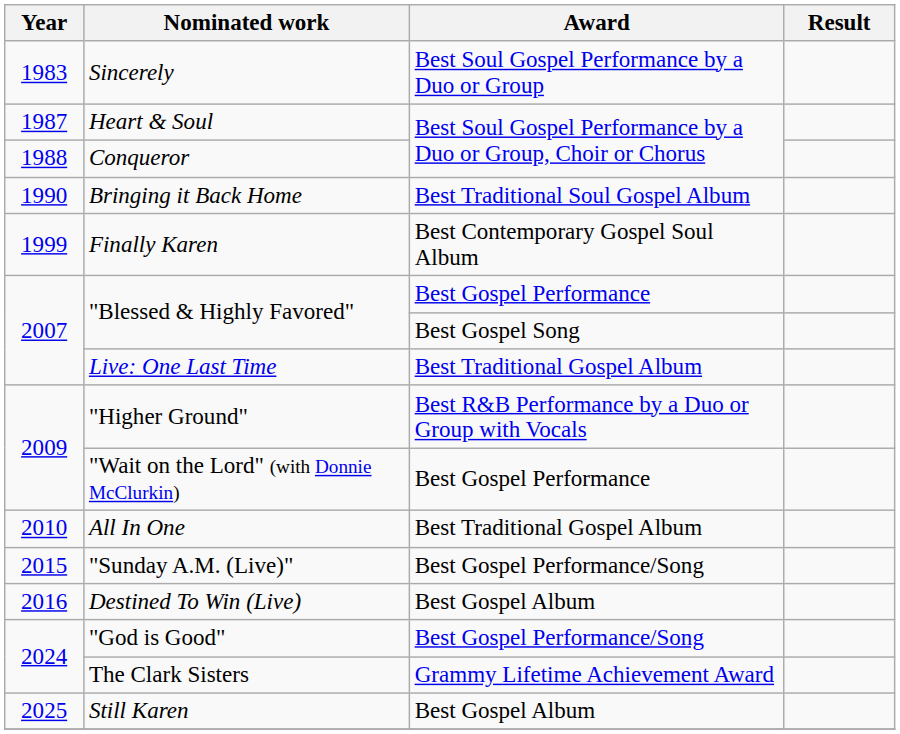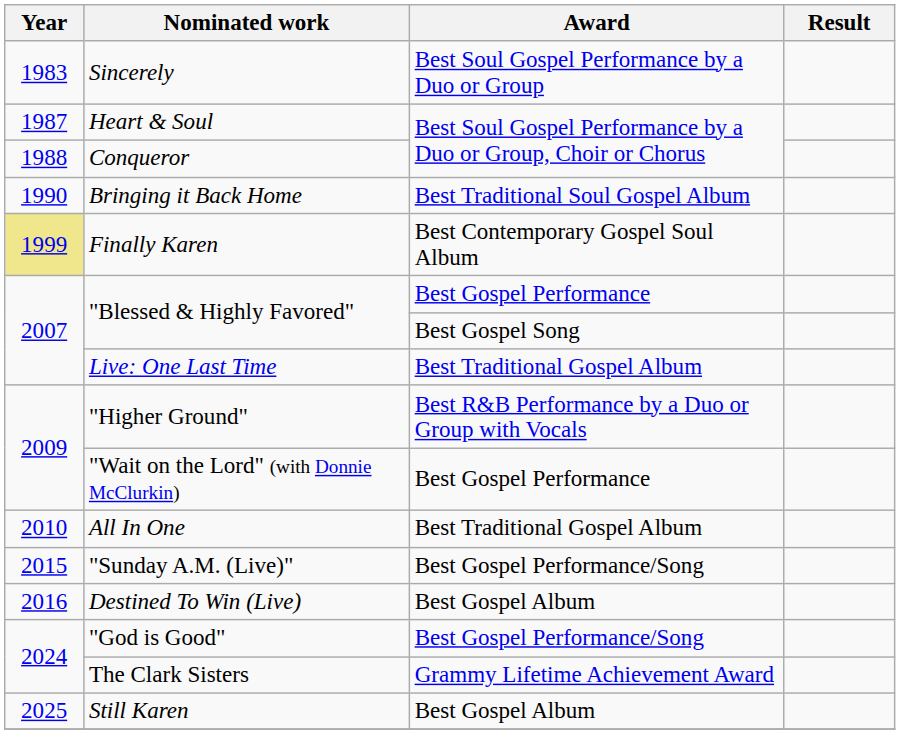 <table class="wikitable" style="width:70%;">
 <tr>
 <th style="width:3%;">Year</th>
 <th style="width:20%;">Nominated work</th>
 <th style="width:23%;">Award</th>
 <th style="width:5%;">Result</th>
 </tr>
 <tr>
 <td align="center"><a href='#'>1983</a></td>
 <td><em>Sincerely</em></td>
 <td><a href='#'>Best Soul Gospel Performance by a Duo or Group</a></td>
 <td></td>
 </tr>
 <tr>
 <td align="center"><a href='#'>1987</a></td>
 <td><em>Heart & Soul</em></td>
 <td rowspan="2"><a href='#'>Best Soul Gospel Performance by a Duo or Group, Choir or Chorus</a></td>
 <td></td>
 </tr>
 <tr>
 <td align="center"><a href='#'>1988</a></td>
 <td><em>Conqueror</em></td>
 <td></td>
 </tr>
 <tr>
 <td align="center"><a href='#'>1990</a></td>
 <td><em>Bringing it Back Home</em></td>
 <td><a href='#'>Best Traditional Soul Gospel Album</a></td>
 <td></td>
 </tr>
 <tr>
-<td align="center"><a href='#'>1999</a></td>
+<td align="center" style="background: khaki;"><a href='#'>1999</a></td>
 <td><em>Finally Karen</em></td>
 <td>Best Contemporary Gospel Soul Album</td>
 <td></td>
 </tr>
 <tr>
 <td align="center" rowspan="3"><a href='#'>2007</a></td>
 <td rowspan="2">"Blessed & Highly Favored"</td>
 <td><a href='#'>Best Gospel Performance</a></td>
 <td></td>
 </tr>
 <tr>
 <td>Best Gospel Song</td>
 <td></td>
 </tr>
 <tr>
 <td><em><a href='#'>Live: One Last Time</a></em></td>
 <td><a href='#'>Best Traditional Gospel Album</a></td>
 <td></td>
 </tr>
 <tr>
 <td align="center" rowspan="2"><a href='#'>2009</a></td>
 <td>"Higher Ground"</td>
 <td><a href='#'>Best R&B Performance by a Duo or Group with Vocals</a></td>
 <td></td>
 </tr>
 <tr>
 <td>"Wait on the Lord" <small>(with <a href='#'>Donnie McClurkin</a>)</small></td>
 <td>Best Gospel Performance</td>
 <td></td>
 </tr>
 <tr>
 <td align="center"><a href='#'>2010</a></td>
 <td><em>All In One</em></td>
 <td>Best Traditional Gospel Album</td>
 <td></td>
 </tr>
 <tr>
 <td align="center"><a href='#'>2015</a></td>
 <td>"Sunday A.M. (Live)"</td>
 <td>Best Gospel Performance/Song</td>
 <td></td>
 </tr>
 <tr>
 <td align="center"><a href='#'>2016</a></td>
 <td><em>Destined To Win (Live)</em></td>
 <td>Best Gospel Album</td>
 <td></td>
 </tr>
 <tr>
 <td align="center" rowspan="2"><a href='#'>2024</a></td>
 <td>"God is Good"</td>
 <td><a href='#'>Best Gospel Performance/Song</a></td>
 <td></td>
 </tr>
 <tr>
 <td>The Clark Sisters</td>
 <td><a href='#'>Grammy Lifetime Achievement Award</a></td>
 <td></td>
 </tr>
 <tr>
 <td align="center"><a href='#'>2025</a></td>
 <td><em>Still Karen</em></td>
 <td>Best Gospel Album</td>
 <td></td>
 </tr>
 <tr>
 </tr>
 </table>
